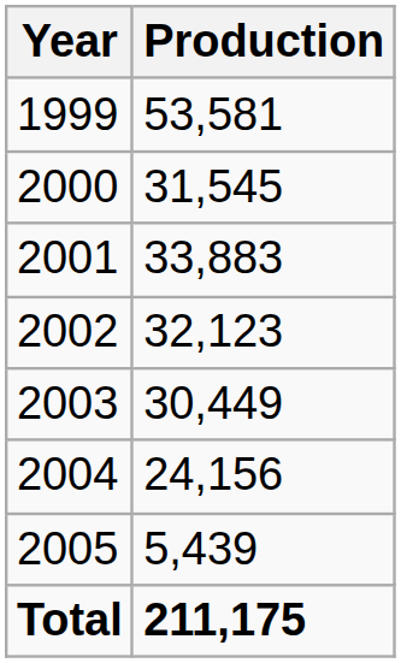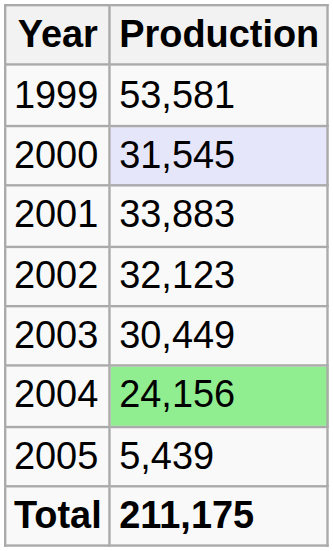 <table class="wikitable">
 <tr>
 <th>Year</th>
 <th>Production</th>
 </tr>
 <tr>
 <td>1999</td>
 <td>53,581</td>
 </tr>
 <tr>
 <td>2000</td>
-<td>31,545</td>
+<td style="background: lavender;">31,545</td>
 </tr>
 <tr>
 <td>2001</td>
 <td>33,883</td>
 </tr>
 <tr>
 <td>2002</td>
 <td>32,123</td>
 </tr>
 <tr>
 <td>2003</td>
 <td>30,449</td>
 </tr>
 <tr>
 <td>2004</td>
-<td>24,156</td>
+<td style="background: lightgreen;">24,156</td>
 </tr>
 <tr>
 <td>2005</td>
 <td>5,439</td>
 </tr>
 <tr>
 <td><strong>Total</strong></td>
 <td><strong>211,175</strong></td>
 </tr>
 </table>
